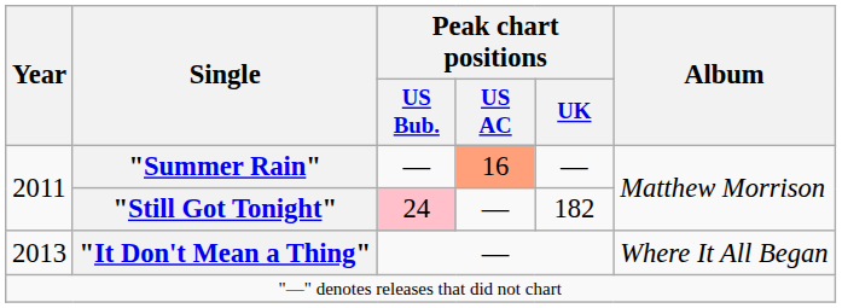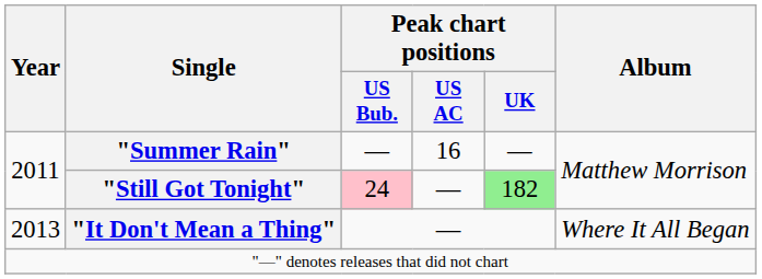 <table class="wikitable plainrowheaders" style="text-align:center;">
 <tr>
 <th rowspan="2">Year</th>
 <th rowspan="2">Single</th>
 <th colspan="3">Peak chart<br>positions</th>
 <th rowspan="2">Album</th>
 </tr>
 <tr style="font-size:smaller;">
 <th style="width:40px;"><a href='#'>US<br>Bub.</a><br></th>
 <th style="width:40px;"><a href='#'>US<br>AC</a><br></th>
 <th style="width:40px;"><a href='#'>UK</a><br></th>
 </tr>
 <tr>
 <td rowspan="2">2011</td>
 <th scope="row">"<a href='#'>Summer Rain</a>"</th>
 <td>—</td>
-<td style="background: lightsalmon;">16</td>
+<td>16</td>
 <td>—</td>
 <td rowspan="2" style="text-align:left;"><em>Matthew Morrison</em></td>
 </tr>
 <tr>
 <th scope="row">"<a href='#'>Still Got Tonight</a>"</th>
 <td style="background: pink;">24</td>
 <td>—</td>
-<td>182</td>
+<td style="background: lightgreen;">182</td>
 </tr>
 <tr>
 <td>2013</td>
 <th scope="row">"<a href='#'>It Don't Mean a Thing</a>"</th>
 <td colspan="3">—</td>
 <td><em>Where It All Began</em></td>
 </tr>
 <tr>
 <td colspan="6" style="font-size:8pt">"—" denotes releases that did not chart</td>
 </tr>
 </table>
